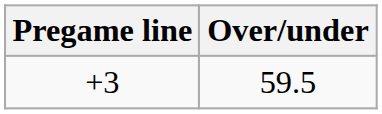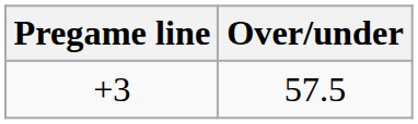 <table class="wikitable" style="margin-left: auto; margin-right: auto; border: none; display: inline-table;">
 <tr align="center">
 <th style=>Pregame line</th>
 <th style=>Over/under</th>
 </tr>
 <tr align="center">
 <td>+3</td>
-<td>59.5</td>
+<td>57.5</td>
 </tr>
 </table>
